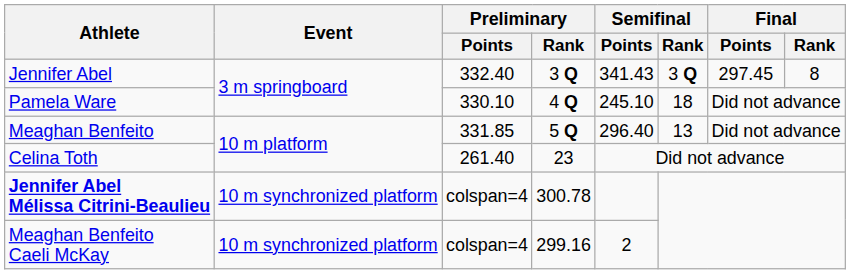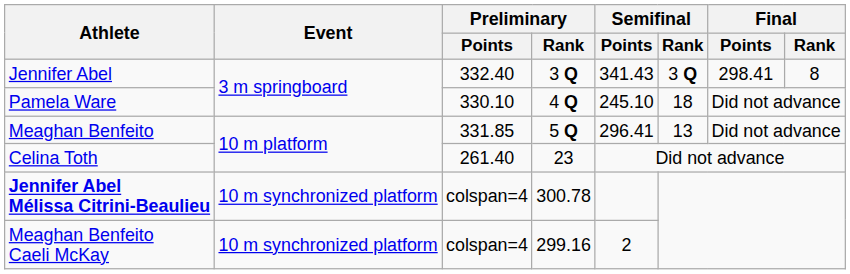 <table class=wikitable style=font-size:90%;text-align:center>
 <tr>
 <th rowspan=2>Athlete</th>
 <th rowspan=2>Event</th>
 <th colspan=2>Preliminary</th>
 <th colspan=2>Semifinal</th>
 <th colspan=2>Final</th>
 </tr>
 <tr style=font-size:95%>
 <th>Points</th>
 <th>Rank</th>
 <th>Points</th>
 <th>Rank</th>
 <th>Points</th>
 <th>Rank</th>
 </tr>
 <tr>
 <td align=left><a href='#'>Jennifer Abel</a></td>
 <td align=left rowspan=2><a href='#'>3 m springboard</a></td>
 <td>332.40</td>
 <td>3 <strong>Q</strong></td>
 <td>341.43</td>
 <td>3 <strong>Q</strong></td>
-<td>297.45</td>
+<td>298.41</td>
 <td>8</td>
 </tr>
 <tr>
 <td align=left><a href='#'>Pamela Ware</a></td>
 <td>330.10</td>
 <td>4 <strong>Q</strong></td>
 <td>245.10</td>
 <td>18</td>
 <td colspan=2>Did not advance</td>
 </tr>
 <tr>
 <td align=left><a href='#'>Meaghan Benfeito</a></td>
 <td align=left rowspan=2><a href='#'>10 m platform</a></td>
 <td>331.85</td>
 <td>5 <strong>Q</strong></td>
-<td>296.40</td>
+<td>296.41</td>
 <td>13</td>
 <td colspan=2>Did not advance</td>
 </tr>
 <tr>
 <td align=left><a href='#'>Celina Toth</a></td>
 <td>261.40</td>
 <td>23</td>
 <td colspan=4>Did not advance</td>
 </tr>
 <tr>
 <td align=left><strong><a href='#'>Jennifer Abel</a><br><a href='#'>Mélissa Citrini-Beaulieu</a></strong></td>
 <td align=left><a href='#'>10 m synchronized platform</a></td>
 <td>colspan=4 </td>
 <td>300.78</td>
 <td></td>
 </tr>
 <tr>
 <td align=left><a href='#'>Meaghan Benfeito</a><br><a href='#'>Caeli McKay</a></td>
 <td align=left><a href='#'>10 m synchronized platform</a></td>
 <td>colspan=4 </td>
 <td>299.16</td>
 <td>2</td>
 </tr>
 </table>
